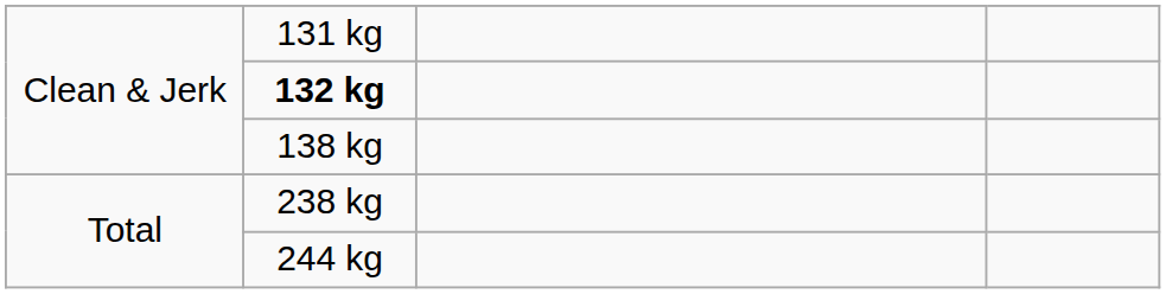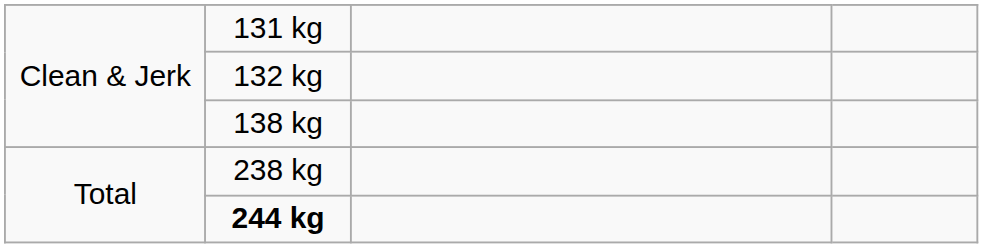 <table class = "wikitable" style="text-align:center;">
 <tr>
 <td rowspan=3 width=100>Clean & Jerk</td>
 <td width=70>131 kg</td>
 <td width=250 align=left></td>
 <td width=70></td>
 </tr>
 <tr>
-<td><strong>132 kg</strong></td>
+<td>132 kg</td>
 <td align=left></td>
 <td></td>
 </tr>
 <tr>
 <td>138 kg</td>
 <td align=left></td>
 <td></td>
 </tr>
 <tr>
 <td rowspan=2>Total</td>
 <td>238 kg</td>
 <td align=left></td>
 <td></td>
 </tr>
 <tr>
-<td>244 kg</td>
+<td><strong>244 kg</strong></td>
 <td align=left></td>
 <td></td>
 </tr>
 </table>
